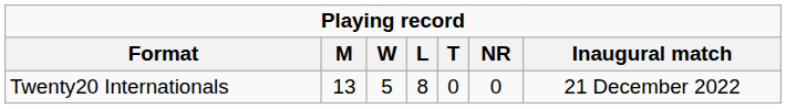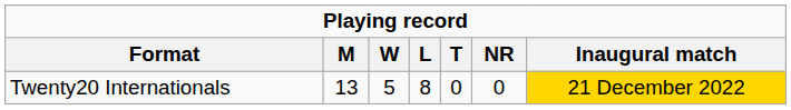 <table class="wikitable" style="text-align: center; width: 600px;">
 <tr>
 <td colspan=7 align="center"><strong>Playing record</strong></td>
 </tr>
 <tr>
 <th>Format</th>
 <th>M</th>
 <th>W</th>
 <th>L</th>
 <th>T</th>
 <th>NR</th>
 <th>Inaugural match</th>
 </tr>
 <tr>
 <td align="left">Twenty20 Internationals</td>
 <td>13</td>
 <td>5</td>
 <td>8</td>
 <td>0</td>
 <td>0</td>
-<td>21 December 2022</td>
+<td style="background: gold;">21 December 2022</td>
 </tr>
 </table>
